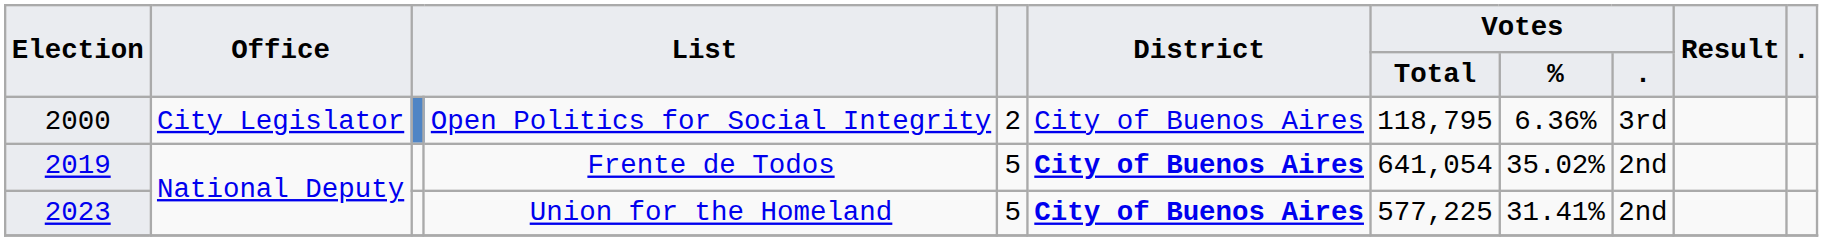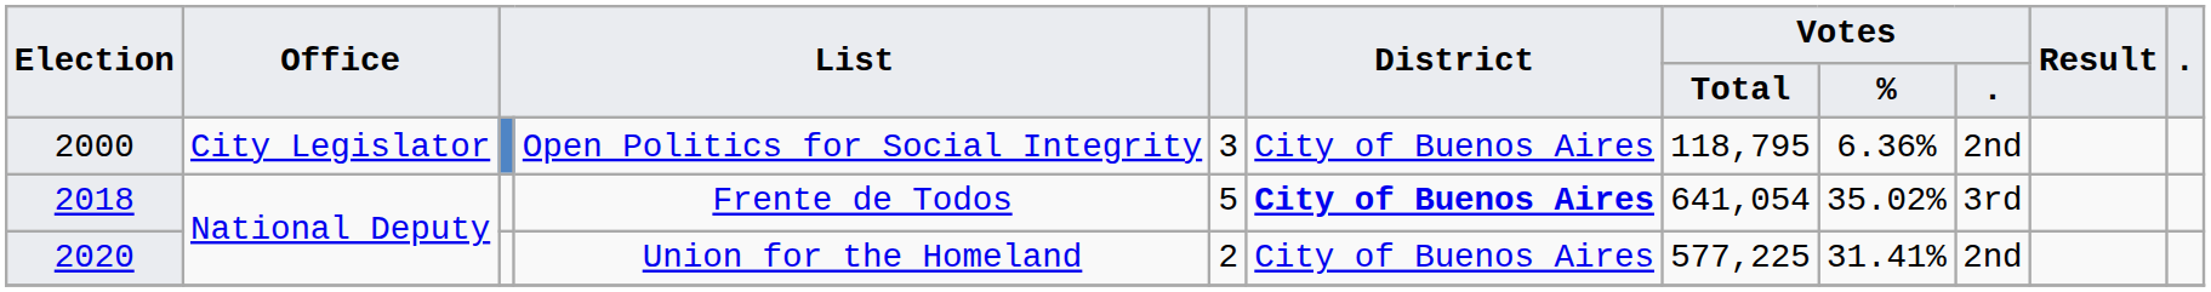 <table class="wikitable" style="font-size:90%; text-align:center;">
 <tr>
 <th style="background-color:#EAECF0;" rowspan=2>Election</th>
 <th style="background-color:#EAECF0;" rowspan=2>Office</th>
 <th style="background-color:#EAECF0;" colspan=2 rowspan=2>List</th>
 <th style="background-color:#EAECF0;" rowspan=2></th>
 <th style="background-color:#EAECF0;" rowspan=2>District</th>
 <th style="background-color:#EAECF0;" colspan=3>Votes</th>
 <th style="background-color:#EAECF0;" rowspan=2>Result</th>
 <th style="background-color:#EAECF0;" rowspan=2>.</th>
 </tr>
 <tr>
 <th style="background-color:#EAECF0;">Total</th>
 <th style="background-color:#EAECF0;">%</th>
 <th style="background-color:#EAECF0;">.</th>
 </tr>
 <tr>
 <td style="background-color:#EAECF0;">2000</td>
 <td><a href='#'>City Legislator</a></td>
 <td style="background-color:#4f85c5;"></td>
 <td><a href='#'>Open Politics for Social Integrity</a></td>
-<td>2</td>
+<td>3</td>
 <td><a href='#'>City of Buenos Aires</a></td>
 <td>118,795</td>
 <td>6.36%</td>
-<td>3rd</td>
+<td>2nd</td>
 <td></td>
 <td></td>
 </tr>
 <tr>
-<td style="background-color:#EAECF0;"><a href='#'>2019</a></td>
+<td style="background-color:#EAECF0;"><a href='#'>2018</a></td>
 <td rowspan="2"><a href='#'>National Deputy</a></td>
 <td style="background-color:"></td>
 <td><a href='#'>Frente de Todos</a></td>
 <td>5</td>
 <td><strong><a href='#'>City of Buenos Aires</a></strong></td>
 <td>641,054</td>
 <td>35.02%</td>
-<td>2nd</td>
+<td>3rd</td>
 <td></td>
 <td></td>
 </tr>
 <tr>
-<td style="background-color:#EAECF0;"><a href='#'>2023</a></td>
+<td style="background-color:#EAECF0;"><a href='#'>2020</a></td>
 <td style="background-color:"></td>
 <td><a href='#'>Union for the Homeland</a></td>
-<td>5</td>
-<td><strong><a href='#'>City of Buenos Aires</a></strong></td>
+<td>2</td>
+<td><a href='#'>City of Buenos Aires</a></td>
 <td>577,225</td>
 <td>31.41%</td>
 <td>2nd</td>
 <td></td>
 <td></td>
 </tr>
 <tr>
 </tr>
 </table>
